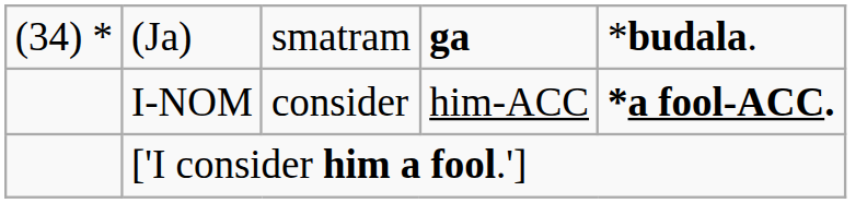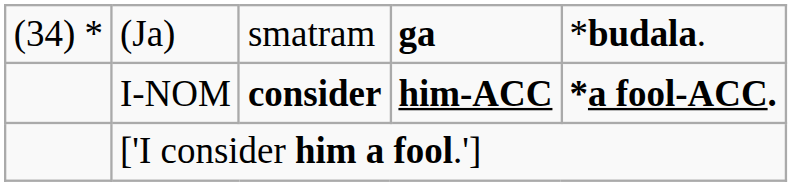 <table class="wikitable">
 <tr>
 <td>(34) *</td>
 <td>(Ja)</td>
 <td>smatram</td>
 <td><strong>ga</strong></td>
 <td>*<strong>budala</strong>.</td>
 </tr>
 <tr>
 <td></td>
 <td>I-NOM</td>
-<td>consider</td>
-<td><u>him-ACC</u></td>
+<td><strong>consider</strong></td>
+<td><strong><u>him-ACC</u></strong></td>
 <td><strong>*<u>a fool-ACC</u>.</strong></td>
 </tr>
 <tr>
 <td></td>
 <td colspan="4">['I consider <strong>him a fool</strong>.']</td>
 </tr>
 </table>
